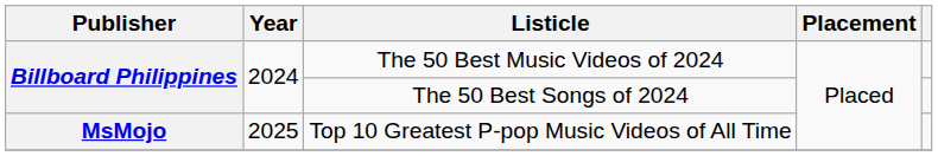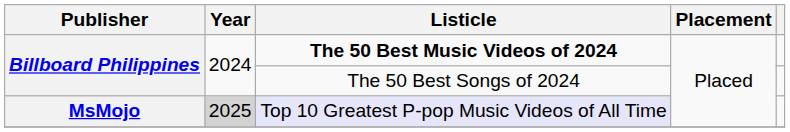 <table class="wikitable plainrowheaders sortable" style="text-align:center">
 <tr>
 <th scope="col">Publisher</th>
 <th scope="col">Year</th>
 <th scope="col">Listicle</th>
 <th scope="col">Placement</th>
 <th scope="col" class="unsortable"></th>
 </tr>
 <tr>
 <th rowspan="2" scope="row"><em><a href='#'>Billboard Philippines</a></em></th>
 <td rowspan="2">2024</td>
-<td>The 50 Best Music Videos of 2024</td>
+<td><strong>The 50 Best Music Videos of 2024</strong></td>
 <td rowspan="3">Placed</td>
 <td></td>
 </tr>
 <tr>
 <td>The 50 Best Songs of 2024</td>
 <td></td>
 </tr>
 <tr>
 <th scope="row"><a href='#'>MsMojo</a></th>
-<td>2025</td>
-<td>Top 10 Greatest P-pop Music Videos of All Time</td>
+<td style="background: lightgrey;">2025</td>
+<td style="background: lavender;">Top 10 Greatest P-pop Music Videos of All Time</td>
 <td></td>
 </tr>
 <tr>
 </tr>
 </table>
